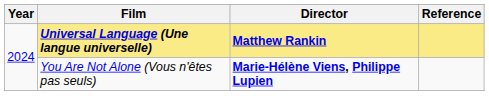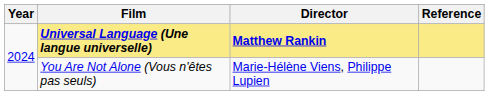 <table class="wikitable" style="width:100%;">
 <tr style="background:#bebebe;">
 <th style="width:5%;">Year</th>
 <th style="width:45%;">Film</th>
 <th style="width:45%;">Director</th>
 <th style="width:5%;">Reference</th>
 </tr>
 <tr>
 <td rowspan=2><a href='#'>2024</a></td>
 <td style="background:#FAEB86;"><strong><em><a href='#'>Universal Language</a> (Une langue universelle)</em></strong></td>
 <td style="background:#FAEB86;"><strong><a href='#'>Matthew Rankin</a></strong></td>
 <td style="background:#FAEB86;"></td>
 </tr>
 <tr>
 <td><em><a href='#'>You Are Not Alone</a> (Vous n'êtes pas seuls)</em></td>
-<td><strong><a href='#'>Marie-Hélène Viens</a>, <a href='#'>Philippe Lupien</a></strong></td>
+<td><a href='#'>Marie-Hélène Viens</a>, <a href='#'>Philippe Lupien</a></td>
 <td></td>
 </tr>
 </table>
